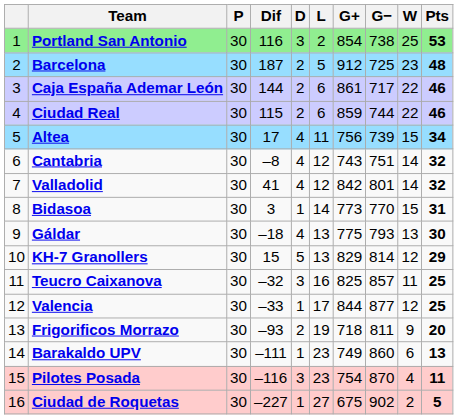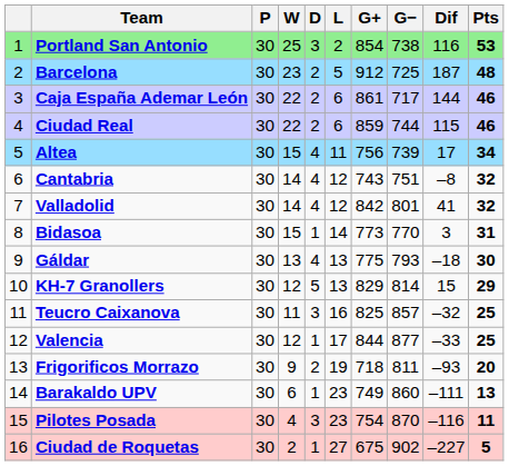 <table class="wikitable sortable" style="text-align: center;">
 <tr>
 <th align="center"></th>
 <th align="center">Team</th>
 <th align="center">P</th>
-<th align="center">Dif</th>
+<th align="center">W</th>
 <th align="center">D</th>
 <th align="center">L</th>
 <th align="center">G+</th>
 <th align="center">G−</th>
-<th align="center">W</th>
+<th align="center">Dif</th>
 <th align="center">Pts</th>
 </tr>
 <tr style="background: #90EE90;">
 <td>1</td>
 <td align="left"><strong><a href='#'>Portland San Antonio</a></strong></td>
 <td>30</td>
-<td>116</td>
+<td>25</td>
 <td>3</td>
 <td>2</td>
 <td>854</td>
 <td>738</td>
-<td>25</td>
+<td>116</td>
 <td><strong>53</strong></td>
 </tr>
 <tr style="background: #97DEFF;">
 <td>2</td>
 <td align="left"><strong><a href='#'>Barcelona</a></strong></td>
 <td>30</td>
-<td>187</td>
+<td>23</td>
 <td>2</td>
 <td>5</td>
 <td>912</td>
 <td>725</td>
-<td>23</td>
+<td>187</td>
 <td><strong>48</strong></td>
 </tr>
 <tr style="background: #ccccff;">
 <td>3</td>
 <td align="left"><strong><a href='#'>Caja España Ademar León</a></strong></td>
 <td>30</td>
-<td>144</td>
+<td>22</td>
 <td>2</td>
 <td>6</td>
 <td>861</td>
 <td>717</td>
-<td>22</td>
+<td>144</td>
 <td><strong>46</strong></td>
 </tr>
 <tr style="background: #ccccff;">
 <td>4</td>
 <td align="left"><strong><a href='#'>Ciudad Real</a></strong></td>
 <td>30</td>
-<td>115</td>
+<td>22</td>
 <td>2</td>
 <td>6</td>
 <td>859</td>
 <td>744</td>
-<td>22</td>
+<td>115</td>
 <td><strong>46</strong></td>
 </tr>
 <tr style="background: #97DEFF;">
 <td>5</td>
 <td align="left"><strong><a href='#'>Altea</a></strong></td>
 <td>30</td>
-<td>17</td>
+<td>15</td>
 <td>4</td>
 <td>11</td>
 <td>756</td>
 <td>739</td>
-<td>15</td>
+<td>17</td>
 <td><strong>34</strong></td>
 </tr>
 <tr style="background:">
 <td>6</td>
 <td align="left"><strong><a href='#'>Cantabria</a></strong></td>
 <td>30</td>
-<td>–8</td>
+<td>14</td>
 <td>4</td>
 <td>12</td>
 <td>743</td>
 <td>751</td>
-<td>14</td>
+<td>–8</td>
 <td><strong>32</strong></td>
 </tr>
 <tr style="background:">
 <td>7</td>
 <td align="left"><strong><a href='#'>Valladolid</a></strong></td>
 <td>30</td>
-<td>41</td>
+<td>14</td>
 <td>4</td>
 <td>12</td>
 <td>842</td>
 <td>801</td>
-<td>14</td>
+<td>41</td>
 <td><strong>32</strong></td>
 </tr>
 <tr style="background:">
 <td>8</td>
 <td align="left"><strong><a href='#'>Bidasoa</a></strong></td>
 <td>30</td>
-<td>3</td>
+<td>15</td>
 <td>1</td>
 <td>14</td>
 <td>773</td>
 <td>770</td>
-<td>15</td>
+<td>3</td>
 <td><strong>31</strong></td>
 </tr>
 <tr style="background:">
 <td>9</td>
 <td align="left"><strong><a href='#'>Gáldar</a></strong></td>
 <td>30</td>
-<td>–18</td>
+<td>13</td>
 <td>4</td>
 <td>13</td>
 <td>775</td>
 <td>793</td>
-<td>13</td>
+<td>–18</td>
 <td><strong>30</strong></td>
 </tr>
 <tr style="background:">
 <td>10</td>
 <td align="left"><strong><a href='#'>KH-7 Granollers</a></strong></td>
 <td>30</td>
-<td>15</td>
+<td>12</td>
 <td>5</td>
 <td>13</td>
 <td>829</td>
 <td>814</td>
-<td>12</td>
+<td>15</td>
 <td><strong>29</strong></td>
 </tr>
 <tr style="background:">
 <td>11</td>
 <td align="left"><strong><a href='#'>Teucro Caixanova</a></strong></td>
 <td>30</td>
-<td>–32</td>
+<td>11</td>
 <td>3</td>
 <td>16</td>
 <td>825</td>
 <td>857</td>
-<td>11</td>
+<td>–32</td>
 <td><strong>25</strong></td>
 </tr>
 <tr style="background:">
 <td>12</td>
 <td align="left"><strong><a href='#'>Valencia</a></strong></td>
 <td>30</td>
-<td>–33</td>
+<td>12</td>
 <td>1</td>
 <td>17</td>
 <td>844</td>
 <td>877</td>
-<td>12</td>
+<td>–33</td>
 <td><strong>25</strong></td>
 </tr>
 <tr style="background:">
 <td>13</td>
 <td align="left"><strong><a href='#'>Frigorificos Morrazo</a></strong></td>
 <td>30</td>
-<td>–93</td>
+<td>9</td>
 <td>2</td>
 <td>19</td>
 <td>718</td>
 <td>811</td>
-<td>9</td>
+<td>–93</td>
 <td><strong>20</strong></td>
 </tr>
 <tr style="background:">
 <td>14</td>
 <td align="left"><strong><a href='#'>Barakaldo UPV</a></strong></td>
 <td>30</td>
-<td>–111</td>
+<td>6</td>
 <td>1</td>
 <td>23</td>
 <td>749</td>
 <td>860</td>
-<td>6</td>
+<td>–111</td>
 <td><strong>13</strong></td>
 </tr>
 <tr style="background: #FFCCCC;">
 <td>15</td>
 <td align="left"><strong><a href='#'>Pilotes Posada</a></strong></td>
 <td>30</td>
-<td>–116</td>
+<td>4</td>
 <td>3</td>
 <td>23</td>
 <td>754</td>
 <td>870</td>
-<td>4</td>
+<td>–116</td>
 <td><strong>11</strong></td>
 </tr>
 <tr style="background: #FFCCCC;">
 <td>16</td>
 <td align="left"><strong><a href='#'>Ciudad de Roquetas</a></strong></td>
 <td>30</td>
-<td>–227</td>
+<td>2</td>
 <td>1</td>
 <td>27</td>
 <td>675</td>
 <td>902</td>
-<td>2</td>
+<td>–227</td>
 <td><strong>5</strong></td>
 </tr>
 </table>
